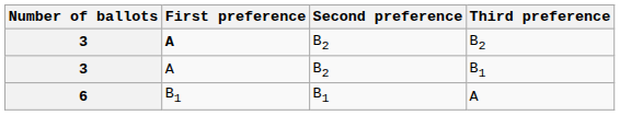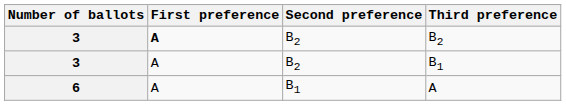 <table class="wikitable">
 <tr>
 <th>Number of ballots</th>
 <th>First preference</th>
 <th>Second preference</th>
 <th>Third preference</th>
 </tr>
 <tr>
 <th>3</th>
 <td><strong>A</strong></td>
 <td>B<sub>2</sub></td>
 <td>B<sub>2</sub></td>
 </tr>
 <tr>
 <th>3</th>
 <td>A</td>
 <td>B<sub>2</sub></td>
 <td>B<sub>1</sub></td>
 </tr>
 <tr>
 <th>6</th>
-<td>B<sub>1</sub></td>
+<td>A</td>
 <td>B<sub>1</sub></td>
 <td>A</td>
 </tr>
 </table>
